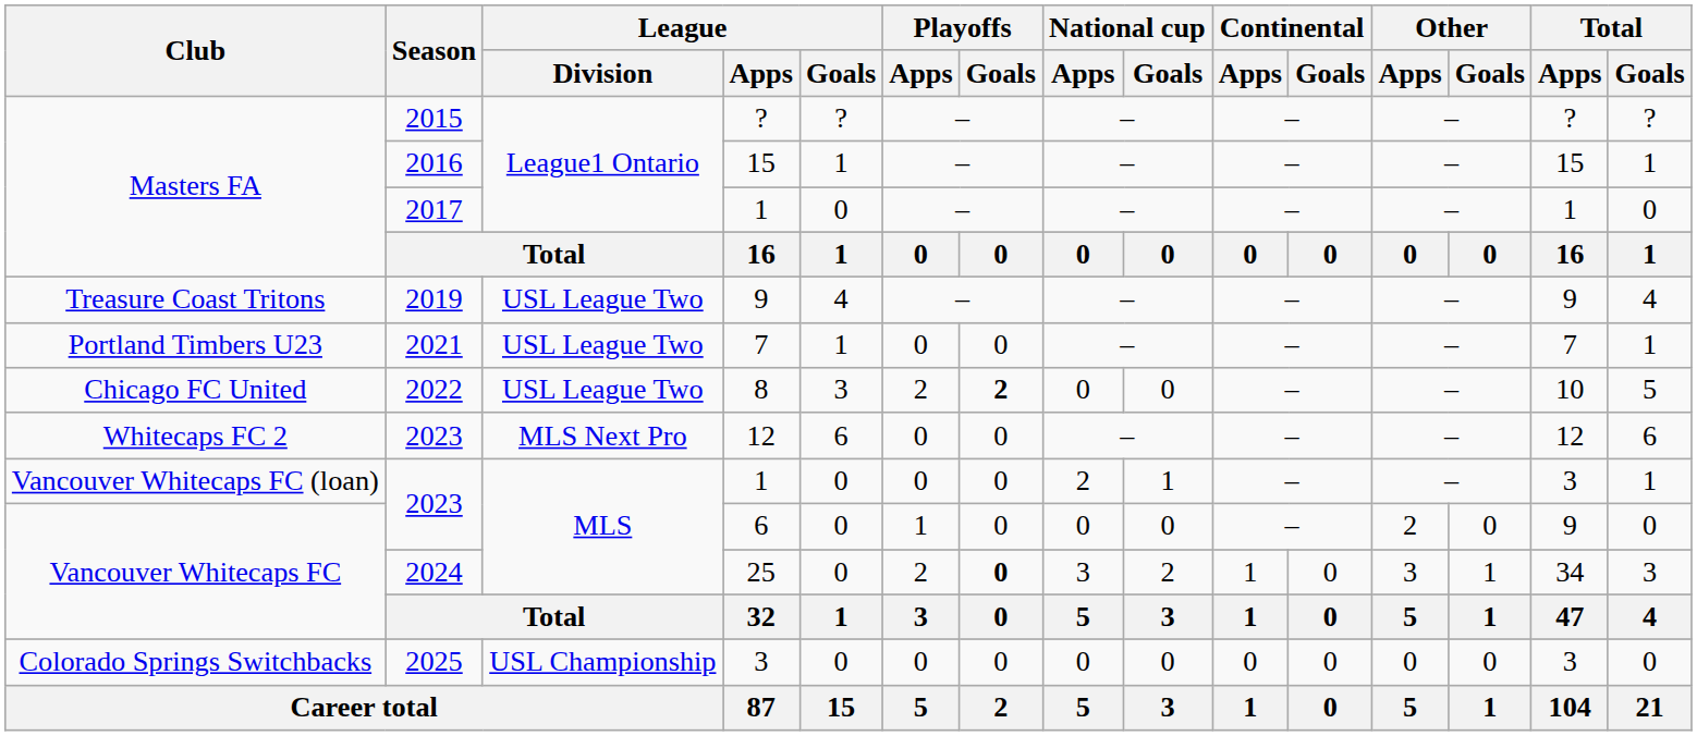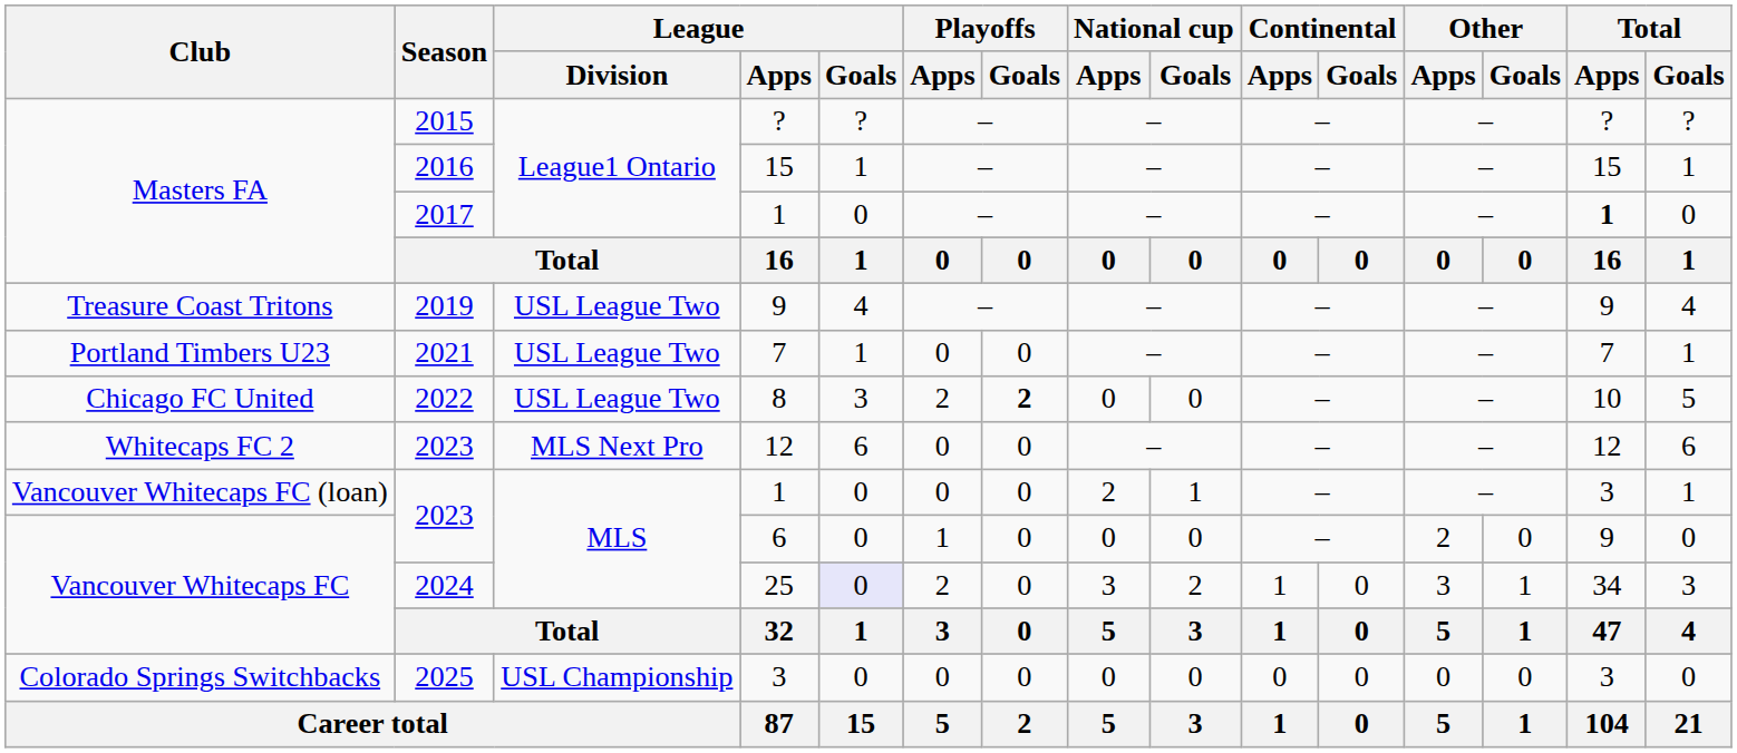 <table class="wikitable" style="text-align: center">
 <tr>
 <th rowspan="2">Club</th>
 <th rowspan="2">Season</th>
 <th colspan="3">League</th>
 <th colspan="2">Playoffs</th>
 <th colspan="2">National cup</th>
 <th colspan="2">Continental</th>
 <th colspan="2">Other</th>
 <th colspan="2">Total</th>
 </tr>
 <tr>
 <th>Division</th>
 <th>Apps</th>
 <th>Goals</th>
 <th>Apps</th>
 <th>Goals</th>
 <th>Apps</th>
 <th>Goals</th>
 <th>Apps</th>
 <th>Goals</th>
 <th>Apps</th>
 <th>Goals</th>
 <th>Apps</th>
 <th>Goals</th>
 </tr>
 <tr>
 <td rowspan=4><a href='#'>Masters FA</a></td>
 <td><a href='#'>2015</a></td>
 <td rowspan=3><a href='#'>League1 Ontario</a></td>
 <td>?</td>
 <td>?</td>
 <td colspan="2">–</td>
 <td colspan="2">–</td>
 <td colspan="2">–</td>
 <td colspan="2">–</td>
 <td>?</td>
 <td>?</td>
 </tr>
 <tr>
 <td><a href='#'>2016</a></td>
 <td>15</td>
 <td>1</td>
 <td colspan="2">–</td>
 <td colspan="2">–</td>
 <td colspan="2">–</td>
 <td colspan="2">–</td>
 <td>15</td>
 <td>1</td>
 </tr>
 <tr>
 <td><a href='#'>2017</a></td>
 <td>1</td>
 <td>0</td>
 <td colspan="2">–</td>
 <td colspan="2">–</td>
 <td colspan="2">–</td>
 <td colspan="2">–</td>
-<td>1</td>
+<td><strong>1</strong></td>
 <td>0</td>
 </tr>
 <tr>
 <th colspan="2"><strong>Total</strong></th>
 <th>16</th>
 <th>1</th>
 <th>0</th>
 <th>0</th>
 <th>0</th>
 <th>0</th>
 <th>0</th>
 <th>0</th>
 <th>0</th>
 <th>0</th>
 <th>16</th>
 <th>1</th>
 </tr>
 <tr>
 <td><a href='#'>Treasure Coast Tritons</a></td>
 <td><a href='#'>2019</a></td>
 <td><a href='#'>USL League Two</a></td>
 <td>9</td>
 <td>4</td>
 <td colspan="2">–</td>
 <td colspan="2">–</td>
 <td colspan="2">–</td>
 <td colspan="2">–</td>
 <td>9</td>
 <td>4</td>
 </tr>
 <tr>
 <td><a href='#'>Portland Timbers U23</a></td>
 <td><a href='#'>2021</a></td>
 <td><a href='#'>USL League Two</a></td>
 <td>7</td>
 <td>1</td>
 <td>0</td>
 <td>0</td>
 <td colspan="2">–</td>
 <td colspan="2">–</td>
 <td colspan="2">–</td>
 <td>7</td>
 <td>1</td>
 </tr>
 <tr>
 <td><a href='#'>Chicago FC United</a></td>
 <td><a href='#'>2022</a></td>
 <td><a href='#'>USL League Two</a></td>
 <td>8</td>
 <td>3</td>
 <td>2</td>
 <td><strong>2</strong></td>
 <td>0</td>
 <td>0</td>
 <td colspan="2">–</td>
 <td colspan="2">–</td>
 <td>10</td>
 <td>5 </td>
 </tr>
 <tr>
 <td><a href='#'>Whitecaps FC 2</a></td>
 <td><a href='#'>2023</a></td>
 <td><a href='#'>MLS Next Pro</a></td>
 <td>12</td>
 <td>6</td>
 <td>0</td>
 <td>0</td>
 <td colspan="2">–</td>
 <td colspan="2">–</td>
 <td colspan="2">–</td>
 <td>12</td>
 <td>6</td>
 </tr>
 <tr>
 <td><a href='#'>Vancouver Whitecaps FC</a> (loan)</td>
 <td rowspan="2"><a href='#'>2023</a></td>
 <td rowspan="3"><a href='#'>MLS</a></td>
 <td>1</td>
 <td>0</td>
 <td>0</td>
 <td>0</td>
 <td>2</td>
 <td>1</td>
 <td colspan="2">–</td>
 <td colspan="2">–</td>
 <td>3</td>
 <td>1</td>
 </tr>
 <tr>
 <td rowspan="3"><a href='#'>Vancouver Whitecaps FC</a></td>
 <td>6</td>
 <td>0</td>
 <td>1</td>
 <td>0</td>
 <td>0</td>
 <td>0</td>
 <td colspan="2">–</td>
 <td>2</td>
 <td>0</td>
 <td>9</td>
 <td>0</td>
 </tr>
 <tr>
 <td><a href='#'>2024</a></td>
 <td>25</td>
+<td style="background: lavender;">0</td>
+<td>2</td>
 <td>0</td>
-<td>2</td>
-<td><strong>0</strong></td>
 <td>3</td>
 <td>2</td>
 <td>1</td>
 <td>0</td>
 <td>3</td>
 <td>1</td>
 <td>34</td>
 <td>3</td>
 </tr>
 <tr>
 <th colspan="2"><strong>Total</strong></th>
 <th>32</th>
 <th>1</th>
 <th>3</th>
 <th>0</th>
 <th>5</th>
 <th>3</th>
 <th>1</th>
 <th>0</th>
 <th>5</th>
 <th>1</th>
 <th>47</th>
 <th>4</th>
 </tr>
 <tr>
 <td><a href='#'>Colorado Springs Switchbacks</a></td>
 <td><a href='#'>2025</a></td>
 <td><a href='#'>USL Championship</a></td>
 <td>3</td>
 <td>0</td>
 <td>0</td>
 <td>0</td>
 <td>0</td>
 <td>0</td>
 <td>0</td>
 <td>0</td>
 <td>0</td>
 <td>0</td>
 <td>3</td>
 <td>0</td>
 </tr>
 <tr>
 <th colspan="3"><strong>Career total</strong></th>
 <th>87</th>
 <th>15</th>
 <th>5</th>
 <th>2</th>
 <th>5</th>
 <th>3</th>
 <th>1</th>
 <th>0</th>
 <th>5</th>
 <th>1</th>
 <th>104</th>
 <th>21</th>
 </tr>
 </table>
